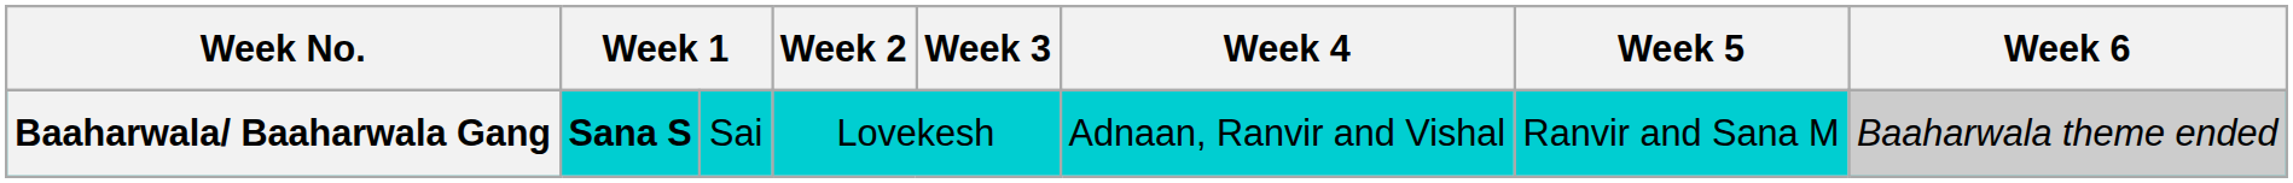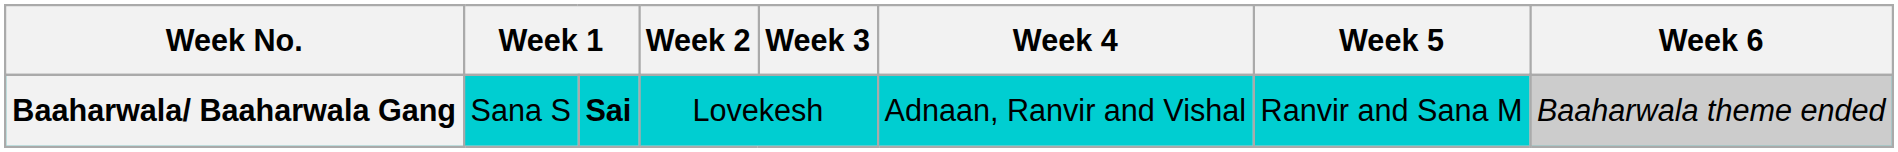 <table class="wikitable" style=" text-align:center; font-size:85%; line-height:25px; width:auto;">
 <tr>
 <th>Week No.</th>
 <th colspan="2">Week 1</th>
 <th>Week 2</th>
 <th>Week 3</th>
 <th colspan="2">Week 4</th>
 <th>Week 5</th>
 <th colspan="2">Week 6</th>
 </tr>
 <tr>
 </tr>
 <tr style="background:#00CED1;">
 <th>Baaharwala/ Baaharwala Gang</th>
-<td><strong>Sana S</strong></td>
-<td>Sai</td>
+<td>Sana S</td>
+<td><strong>Sai</strong></td>
 <td colspan="3">Lovekesh</td>
 <td>Adnaan, Ranvir and Vishal</td>
 <td colspan=2>Ranvir and Sana M</td>
 <td style="background:#ccc;"><em>Baaharwala theme ended</em></td>
 </tr>
 </table>
